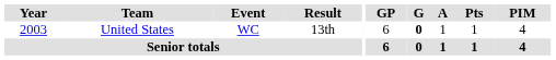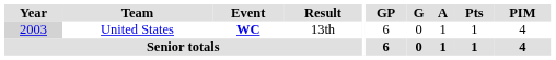 <table border="0" cellpadding="1" cellspacing="0" ID="Table3" style="text-align:center; width:40em">
 <tr ALIGN="center" bgcolor="#e0e0e0">
 <th>Year</th>
 <th>Team</th>
 <th>Event</th>
 <th>Result</th>
 <th rowspan="99" bgcolor="#ffffff"></th>
 <th>GP</th>
 <th>G</th>
 <th>A</th>
 <th>Pts</th>
 <th>PIM</th>
 </tr>
 <tr>
-<td><a href='#'>2003</a></td>
+<td style="background: lightgrey;"><a href='#'>2003</a></td>
 <td><a href='#'>United States</a></td>
-<td><a href='#'>WC</a></td>
+<td><strong><a href='#'>WC</a></strong></td>
 <td>13th</td>
 <td>6</td>
-<td><strong>0</strong></td>
+<td>0</td>
 <td>1</td>
 <td>1</td>
 <td>4</td>
 </tr>
 <tr bgcolor="#e0e0e0">
 <th colspan="4">Senior totals</th>
 <th>6</th>
 <th>0</th>
 <th>1</th>
 <th>1</th>
 <th>4</th>
 </tr>
 </table>
